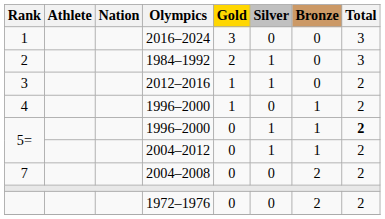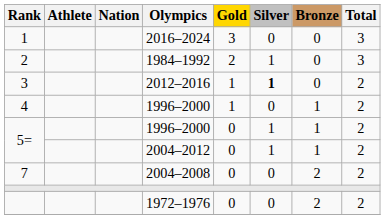 <table class="wikitable sortable" style="text-align:center">
 <tr>
 <th>Rank</th>
 <th>Athlete</th>
 <th>Nation</th>
 <th>Olympics</th>
 <th style="background-color:gold">Gold</th>
 <th style="background-color:silver">Silver</th>
 <th style="background-color:#cc9966">Bronze</th>
 <th>Total</th>
 </tr>
 <tr>
 <td>1</td>
 <td align=left></td>
 <td align=left></td>
 <td>2016–2024</td>
 <td>3</td>
 <td>0</td>
 <td>0</td>
 <td>3</td>
 </tr>
 <tr>
 <td>2</td>
 <td align=left></td>
 <td align=left></td>
 <td>1984–1992</td>
 <td>2</td>
 <td>1</td>
 <td>0</td>
 <td>3</td>
 </tr>
 <tr>
 <td>3</td>
 <td align=left></td>
 <td align=left></td>
 <td>2012–2016</td>
 <td>1</td>
-<td>1</td>
+<td><strong>1</strong></td>
 <td>0</td>
 <td>2</td>
 </tr>
 <tr>
 <td>4</td>
 <td align=left></td>
 <td align=left></td>
 <td>1996–2000</td>
 <td>1</td>
 <td>0</td>
 <td>1</td>
 <td>2</td>
 </tr>
 <tr>
 <td rowspan=2>5=</td>
 <td align=left></td>
 <td align=left></td>
 <td>1996–2000</td>
 <td>0</td>
 <td>1</td>
 <td>1</td>
-<td><strong>2</strong></td>
+<td>2</td>
 </tr>
 <tr>
 <td align=left></td>
 <td align=left></td>
 <td>2004–2012</td>
 <td>0</td>
 <td>1</td>
 <td>1</td>
 <td>2</td>
 </tr>
 <tr>
 <td>7</td>
 <td align=left></td>
 <td align=left></td>
 <td>2004–2008</td>
 <td>0</td>
 <td>0</td>
 <td>2</td>
 <td>2</td>
 </tr>
 <tr>
 <td colspan=8 bgcolor=#e8e8e8></td>
 </tr>
 <tr>
 <td></td>
 <td align=left></td>
 <td align=left></td>
 <td>1972–1976</td>
 <td>0</td>
 <td>0</td>
 <td>2</td>
 <td>2</td>
 </tr>
 <tr>
 </tr>
 </table>
